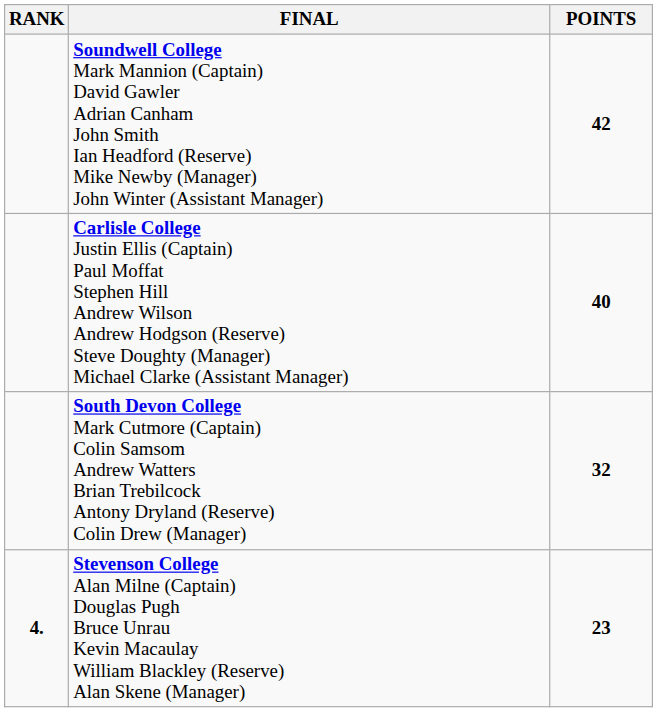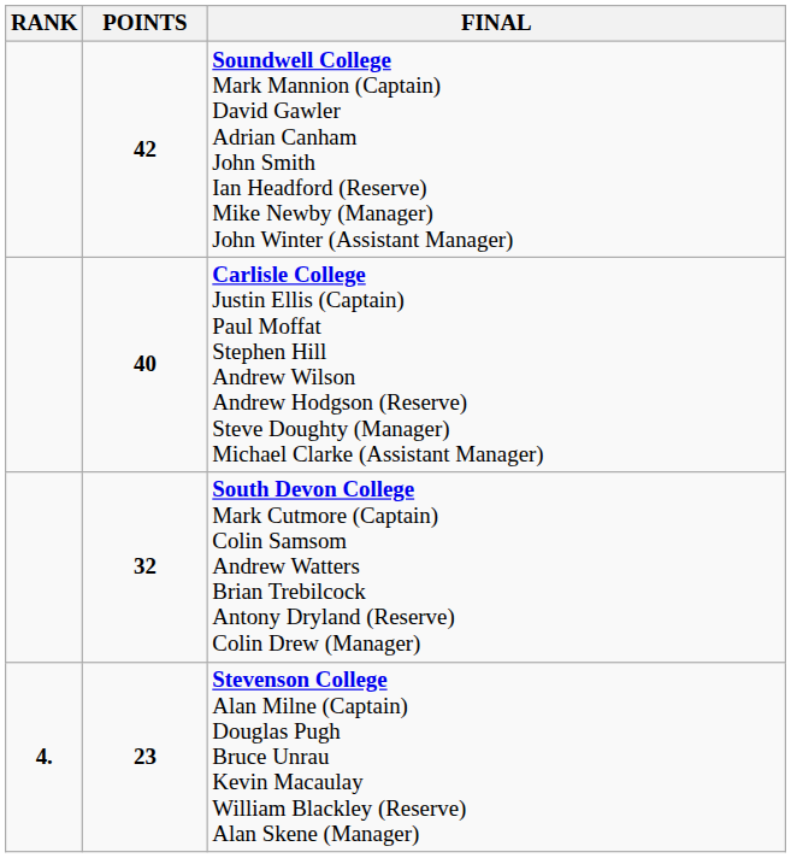 <table class="wikitable">
 <tr style="background:#efefef;">
 <th>RANK</th>
+<th align="center" style="width: 5em">POINTS</th>
 <th align="center" style="width: 25em">FINAL</th>
-<th align="center" style="width: 5em">POINTS</th>
 </tr>
 <tr>
 <td align="center"></td>
+<td align="center"><strong>42</strong></td>
 <td><strong> <a href='#'>Soundwell College</a></strong><br>Mark Mannion (Captain)<br>David Gawler<br>Adrian Canham<br>John Smith<br>Ian Headford (Reserve)<br>Mike Newby (Manager)<br>John Winter (Assistant Manager)</td>
-<td align="center"><strong>42</strong></td>
 </tr>
 <tr>
 <td align="center"></td>
+<td align="center"><strong>40</strong></td>
 <td><strong> <a href='#'>Carlisle College</a></strong><br>Justin Ellis (Captain)<br>Paul Moffat<br>Stephen Hill<br>Andrew Wilson<br>Andrew Hodgson (Reserve)<br>Steve Doughty (Manager)<br>Michael Clarke (Assistant Manager)</td>
-<td align="center"><strong>40</strong></td>
 </tr>
 <tr>
 <td align="center"></td>
+<td align="center"><strong>32</strong></td>
 <td><strong> <a href='#'>South Devon College</a></strong><br>Mark Cutmore (Captain)<br>Colin Samsom<br>Andrew Watters<br>Brian Trebilcock<br>Antony Dryland (Reserve)<br>Colin Drew (Manager)</td>
-<td align="center"><strong>32</strong></td>
 </tr>
 <tr>
 <td align="center"><strong>4.</strong></td>
+<td align="center"><strong>23</strong></td>
 <td><strong> <a href='#'>Stevenson College</a></strong><br>Alan Milne (Captain)<br>Douglas Pugh<br>Bruce Unrau<br>Kevin Macaulay<br>William Blackley (Reserve)<br>Alan Skene (Manager)</td>
-<td align="center"><strong>23</strong></td>
 </tr>
 </table>
